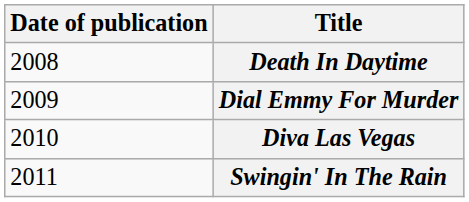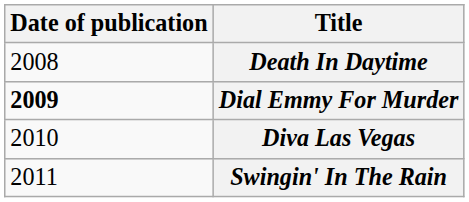 <table class="wikitable sortable plainrowheaders">
 <tr>
 <th scope="col">Date of publication</th>
 <th scope="col">Title</th>
 </tr>
 <tr>
 <td>2008</td>
 <th scope="row"><em>Death In Daytime</em></th>
 </tr>
 <tr>
-<td>2009</td>
+<td><strong>2009</strong></td>
 <th scope="row"><em>Dial Emmy For Murder</em></th>
 </tr>
 <tr>
 <td>2010</td>
 <th scope="row"><em>Diva Las Vegas</em></th>
 </tr>
 <tr>
 <td>2011</td>
 <th scope="row"><em>Swingin' In The Rain</em></th>
 </tr>
 </table>
